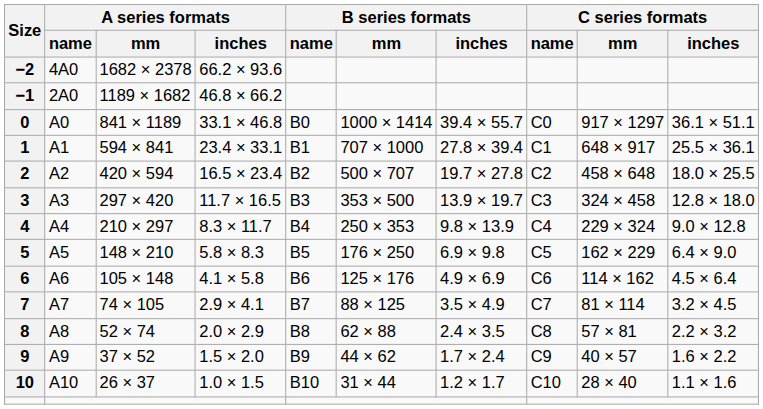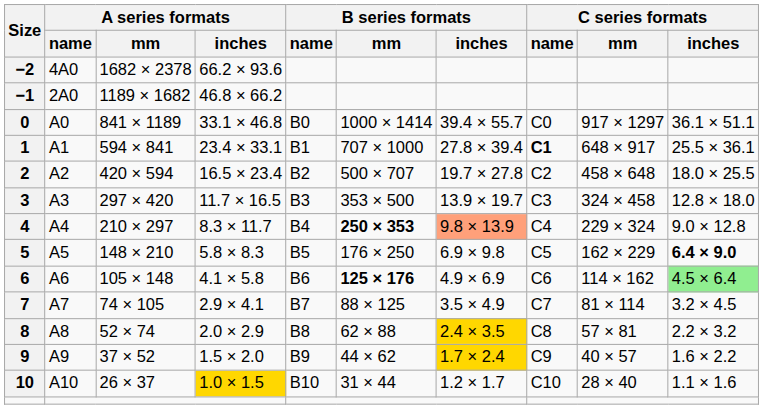 <table class="wikitable">
 <tr>
 <th rowspan="2">Size</th>
 <th colspan="3">A series formats</th>
 <th colspan="3">B series formats</th>
 <th colspan="3">C series formats</th>
 </tr>
 <tr>
 <th>name</th>
 <th>mm</th>
 <th>inches</th>
 <th>name</th>
 <th>mm</th>
 <th>inches</th>
 <th>name</th>
 <th>mm</th>
 <th>inches</th>
 </tr>
 <tr>
 <th>−2</th>
 <td>4A0</td>
 <td>1682 × 2378</td>
 <td>66.2 × 93.6</td>
 <td></td>
 <td></td>
 <td></td>
 <td></td>
 <td></td>
 <td></td>
 </tr>
 <tr>
 <th>−1</th>
 <td>2A0</td>
 <td>1189 × 1682</td>
 <td>46.8 × 66.2</td>
 <td></td>
 <td></td>
 <td></td>
 <td></td>
 <td></td>
 <td></td>
 </tr>
 <tr>
 <th>0</th>
 <td>A0</td>
 <td>841 × 1189</td>
 <td>33.1 × 46.8</td>
 <td>B0</td>
 <td>1000 × 1414</td>
 <td>39.4 × 55.7</td>
 <td>C0</td>
 <td>917 × 1297</td>
 <td>36.1 × 51.1</td>
 </tr>
 <tr>
 <th>1</th>
 <td>A1</td>
 <td>594 × 841</td>
 <td>23.4 × 33.1</td>
 <td>B1</td>
 <td>707 × 1000</td>
 <td>27.8 × 39.4</td>
-<td>C1</td>
+<td><strong>C1</strong></td>
 <td>648 × 917</td>
 <td>25.5 × 36.1</td>
 </tr>
 <tr>
 <th>2</th>
 <td>A2</td>
 <td>420 × 594</td>
 <td>16.5 × 23.4</td>
 <td>B2</td>
 <td>500 × 707</td>
 <td>19.7 × 27.8</td>
 <td>C2</td>
 <td>458 × 648</td>
 <td>18.0 × 25.5</td>
 </tr>
 <tr>
 <th>3</th>
 <td>A3</td>
 <td>297 × 420</td>
 <td>11.7 × 16.5</td>
 <td>B3</td>
 <td>353 × 500</td>
 <td>13.9 × 19.7</td>
 <td>C3</td>
 <td>324 × 458</td>
 <td>12.8 × 18.0</td>
 </tr>
 <tr>
 <th>4</th>
 <td>A4</td>
 <td>210 × 297</td>
 <td>8.3 × 11.7</td>
 <td>B4</td>
-<td>250 × 353</td>
-<td>9.8 × 13.9</td>
+<td><strong>250 × 353</strong></td>
+<td style="background: lightsalmon;">9.8 × 13.9</td>
 <td>C4</td>
 <td>229 × 324</td>
 <td>9.0 × 12.8</td>
 </tr>
 <tr>
 <th>5</th>
 <td>A5</td>
 <td>148 × 210</td>
 <td>5.8 × 8.3</td>
 <td>B5</td>
 <td>176 × 250</td>
 <td>6.9 × 9.8</td>
 <td>C5</td>
 <td>162 × 229</td>
-<td>6.4 × 9.0</td>
+<td><strong>6.4 × 9.0</strong></td>
 </tr>
 <tr>
 <th>6</th>
 <td>A6</td>
 <td>105 × 148</td>
 <td>4.1 × 5.8</td>
 <td>B6</td>
-<td>125 × 176</td>
+<td><strong>125 × 176</strong></td>
 <td>4.9 × 6.9</td>
 <td>C6</td>
 <td>114 × 162</td>
-<td>4.5 × 6.4</td>
+<td style="background: lightgreen;">4.5 × 6.4</td>
 </tr>
 <tr>
 <th>7</th>
 <td>A7</td>
 <td>74 × 105</td>
 <td>2.9 × 4.1</td>
 <td>B7</td>
 <td>88 × 125</td>
 <td>3.5 × 4.9</td>
 <td>C7</td>
 <td>81 × 114</td>
 <td>3.2 × 4.5</td>
 </tr>
 <tr>
 <th>8</th>
 <td>A8</td>
 <td>52 × 74</td>
 <td>2.0 × 2.9</td>
 <td>B8</td>
 <td>62 × 88</td>
-<td>2.4 × 3.5</td>
+<td style="background: gold;">2.4 × 3.5</td>
 <td>C8</td>
 <td>57 × 81</td>
 <td>2.2 × 3.2</td>
 </tr>
 <tr>
 <th>9</th>
 <td>A9</td>
 <td>37 × 52</td>
 <td>1.5 × 2.0</td>
 <td>B9</td>
 <td>44 × 62</td>
-<td>1.7 × 2.4</td>
+<td style="background: gold;">1.7 × 2.4</td>
 <td>C9</td>
 <td>40 × 57</td>
 <td>1.6 × 2.2</td>
 </tr>
 <tr>
 <th>10</th>
 <td>A10</td>
 <td>26 × 37</td>
-<td>1.0 × 1.5</td>
+<td style="background: gold;">1.0 × 1.5</td>
 <td>B10</td>
 <td>31 × 44</td>
 <td>1.2 × 1.7</td>
 <td>C10</td>
 <td>28 × 40</td>
 <td>1.1 × 1.6</td>
 </tr>
 <tr valign="bottom">
 <td></td>
 <td colspan="3"></td>
 <td colspan="3"></td>
 <td colspan="3"></td>
 </tr>
 </table>
